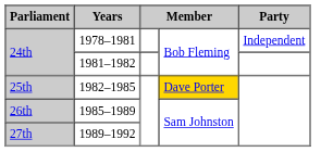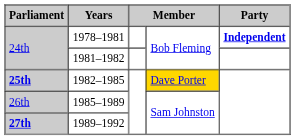 <table border=1 cellpadding=5 cellspacing=0>
 <tr bgcolor="CCCCCC">
 <th>Parliament</th>
 <th>Years</th>
 <th colspan="2">Member</th>
 <th>Party</th>
 </tr>
 <tr>
 <td bgcolor="CCCCCC" rowspan=2><a href='#'>24th</a></td>
 <td>1978–1981</td>
 <td>   </td>
 <td rowspan=2><a href='#'>Bob Fleming</a></td>
-<td><a href='#'>Independent</a></td>
+<td><strong><a href='#'>Independent</a></strong></td>
 </tr>
 <tr>
 <td>1981–1982</td>
 <td>   </td>
 <td></td>
 </tr>
 <tr>
-<td bgcolor="CCCCCC"><a href='#'>25th</a></td>
+<td bgcolor="CCCCCC"><strong><a href='#'>25th</a></strong></td>
 <td>1982–1985</td>
 <td rowspan=3 >   </td>
 <td style="background: gold;"><a href='#'>Dave Porter</a></td>
 <td rowspan=3></td>
 </tr>
 <tr>
 <td bgcolor="CCCCCC"><a href='#'>26th</a></td>
 <td>1985–1989</td>
 <td rowspan=2><a href='#'>Sam Johnston</a></td>
 </tr>
 <tr>
-<td bgcolor="CCCCCC"><a href='#'>27th</a></td>
+<td bgcolor="CCCCCC"><strong><a href='#'>27th</a></strong></td>
 <td>1989–1992</td>
 </tr>
 </table>
